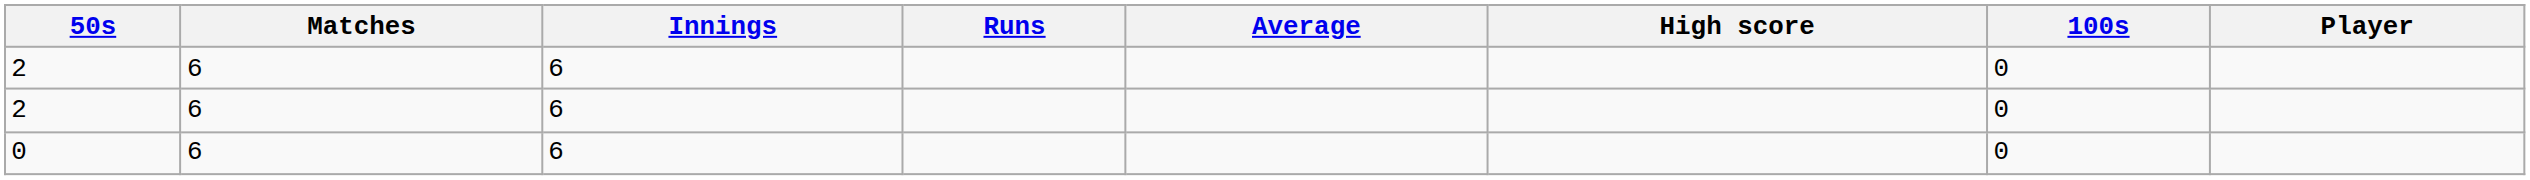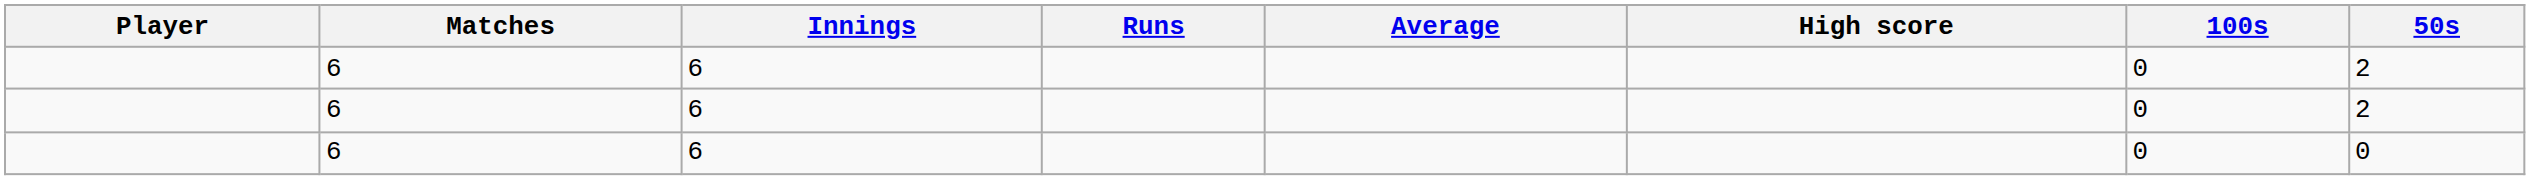 <table class="wikitable sortable" style="width:80%;">
 <tr>
-<th><a href='#'>50s</a></th>
+<th>Player</th>
 <th>Matches</th>
 <th><a href='#'>Innings</a></th>
 <th><a href='#'>Runs</a></th>
 <th><a href='#'>Average</a></th>
 <th>High score</th>
 <th><a href='#'>100s</a></th>
-<th>Player</th>
+<th><a href='#'>50s</a></th>
 </tr>
 <tr>
-<td>2</td>
+<td></td>
 <td>6</td>
 <td>6</td>
 <td></td>
 <td></td>
 <td></td>
 <td>0</td>
-<td></td>
+<td>2</td>
 </tr>
 <tr>
-<td>2</td>
+<td></td>
 <td>6</td>
 <td>6</td>
 <td></td>
 <td></td>
 <td></td>
 <td>0</td>
-<td></td>
+<td>2</td>
 </tr>
 <tr>
-<td>0</td>
+<td></td>
 <td>6</td>
 <td>6</td>
 <td></td>
 <td></td>
 <td></td>
 <td>0</td>
-<td></td>
+<td>0</td>
 </tr>
 </table>
